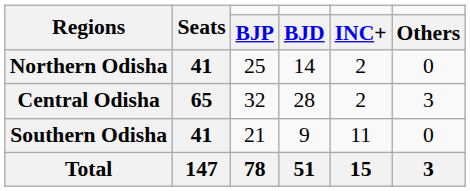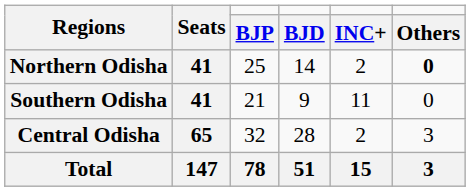 <table class="wikitable sortable" align="right" style="text-align:center;">
 <tr>
 <th rowspan="2">Regions</th>
 <th rowspan="2">Seats</th>
 <td></td>
 <td></td>
 <td></td>
 <td></td>
 </tr>
 <tr>
 <th><a href='#'>BJP</a></th>
 <th><a href='#'>BJD</a></th>
 <th><a href='#'>INC</a>+</th>
 <th>Others</th>
 </tr>
 <tr>
 <th>Northern Odisha</th>
 <th>41</th>
 <td style="background:">25</td>
 <td>14</td>
 <td>2</td>
+<td><strong>0</strong></td>
+</tr>
+<tr>
+<th>Southern Odisha</th>
+<th>41</th>
+<td style="background:">21</td>
+<td>9</td>
+<td>11</td>
 <td>0</td>
 </tr>
 <tr>
 <th>Central Odisha</th>
 <th>65</th>
 <td style="background:">32</td>
 <td>28</td>
 <td>2</td>
 <td>3</td>
 </tr>
 <tr>
-<th>Southern Odisha</th>
-<th>41</th>
-<td style="background:">21</td>
-<td>9</td>
-<td>11</td>
-<td>0</td>
-</tr>
-<tr>
 <th>Total</th>
 <th>147</th>
 <th>78</th>
 <th>51</th>
 <th>15</th>
 <th>3</th>
 </tr>
 </table>
